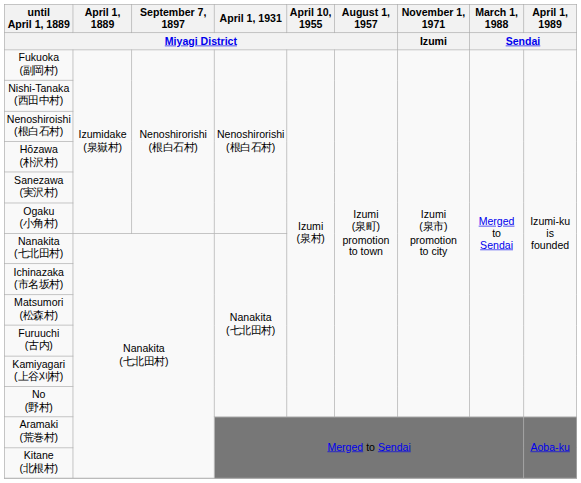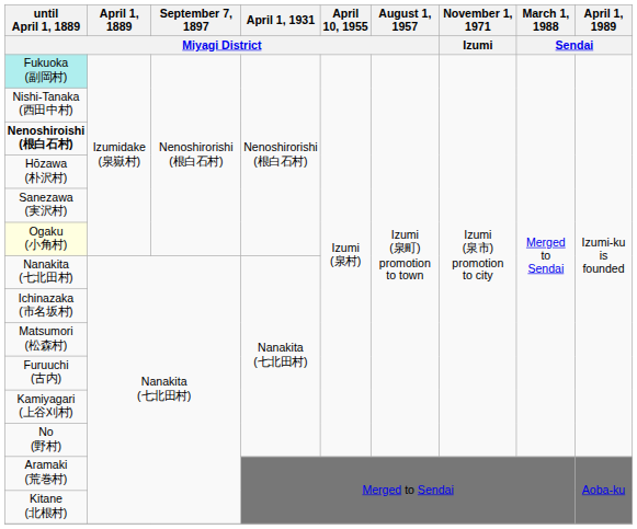 <table class=wikitable style="text-align: center;">
 <tr>
 <th>until<br>April 1, 1889</th>
 <th>April 1, 1889</th>
 <th>September 7, 1897</th>
 <th>April 1, 1931</th>
 <th>April 10, 1955</th>
 <th>August 1, 1957</th>
 <th>November 1, 1971</th>
 <th>March 1, 1988</th>
 <th>April 1, 1989</th>
 </tr>
 <tr>
 <th colspan=6><a href='#'>Miyagi District</a></th>
 <th>Izumi</th>
 <th colspan=2><a href='#'>Sendai</a></th>
 </tr>
 <tr>
-<td>Fukuoka<br>(副岡村)</td>
+<td style="background: paleturquoise;">Fukuoka<br>(副岡村)</td>
 <td rowspan=6>Izumidake<br>(泉嶽村)</td>
 <td rowspan=6>Nenoshirorishi<br>(根白石村)</td>
 <td rowspan=6>Nenoshirorishi<br>(根白石村)</td>
 <td rowspan=12>Izumi<br>(泉村)</td>
 <td rowspan=12>Izumi<br>(泉町)<br>promotion<br>to town</td>
 <td rowspan=12>Izumi<br>(泉市)<br>promotion<br>to city</td>
 <td rowspan=12><a href='#'>Merged</a><br>to<br><a href='#'>Sendai</a></td>
 <td rowspan=12>Izumi-ku<br>is<br>founded</td>
 </tr>
 <tr>
 <td>Nishi-Tanaka<br>(西田中村)</td>
 </tr>
 <tr>
-<td>Nenoshiroishi<br>(根白石村)</td>
+<td><strong>Nenoshiroishi<br>(根白石村)</strong></td>
 </tr>
 <tr>
 <td>Hōzawa<br>(朴沢村)</td>
 </tr>
 <tr>
 <td>Sanezawa<br>(実沢村)</td>
 </tr>
 <tr>
-<td>Ogaku<br>(小角村)</td>
+<td style="background: lightyellow;">Ogaku<br>(小角村)</td>
 </tr>
 <tr>
 <td>Nanakita<br>(七北田村)</td>
 <td colspan=2 rowspan=8>Nanakita<br>(七北田村)</td>
 <td rowspan=6>Nanakita<br>(七北田村)</td>
 </tr>
 <tr>
 <td>Ichinazaka<br>(市名坂村)</td>
 </tr>
 <tr>
 <td>Matsumori<br>(松森村)</td>
 </tr>
 <tr>
 <td>Furuuchi<br>(古内)</td>
 </tr>
 <tr>
 <td>Kamiyagari<br>(上谷刈村)</td>
 </tr>
 <tr>
 <td>No<br>(野村)</td>
 </tr>
 <tr>
 <td>Aramaki<br>(荒巻村)</td>
 <td rowspan=2 colspan=5 bgcolor=#777777><a href='#'>Merged</a> to <a href='#'>Sendai</a></td>
 <td rowspan=2 bgcolor=#777777><a href='#'>Aoba-ku</a></td>
 </tr>
 <tr>
 <td>Kitane<br>(北根村)</td>
 </tr>
 <tr>
 </tr>
 </table>
